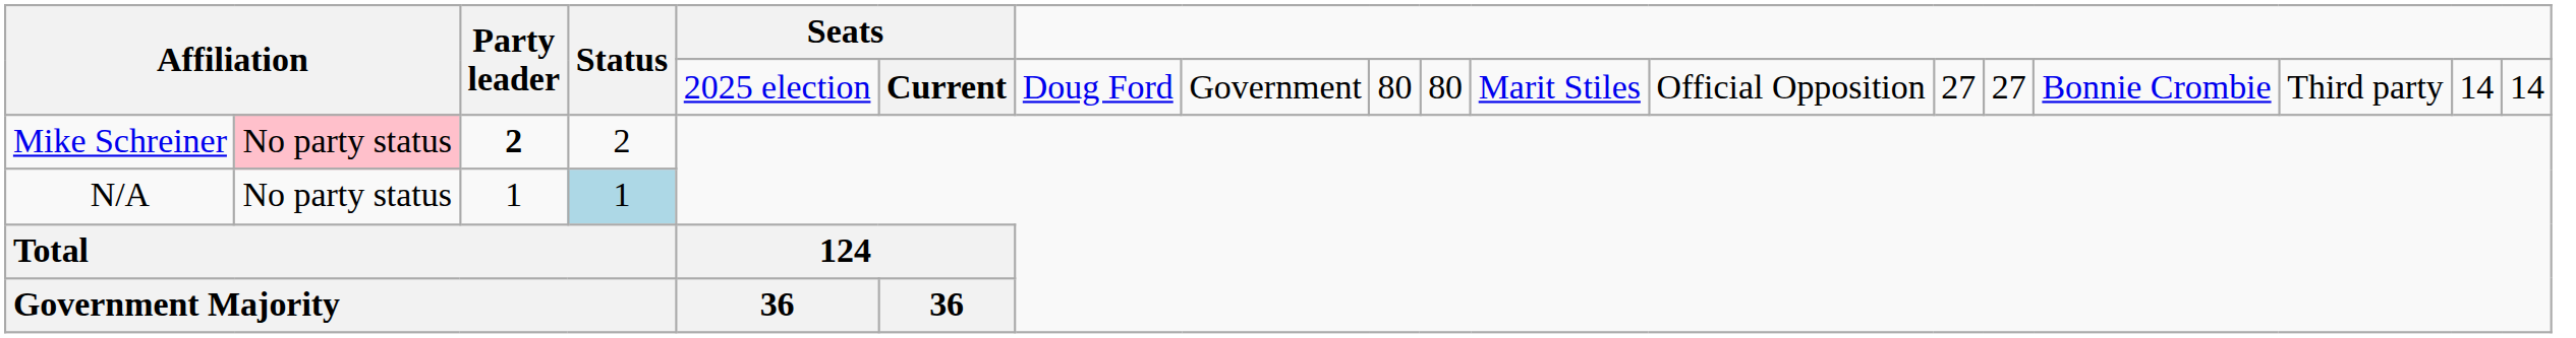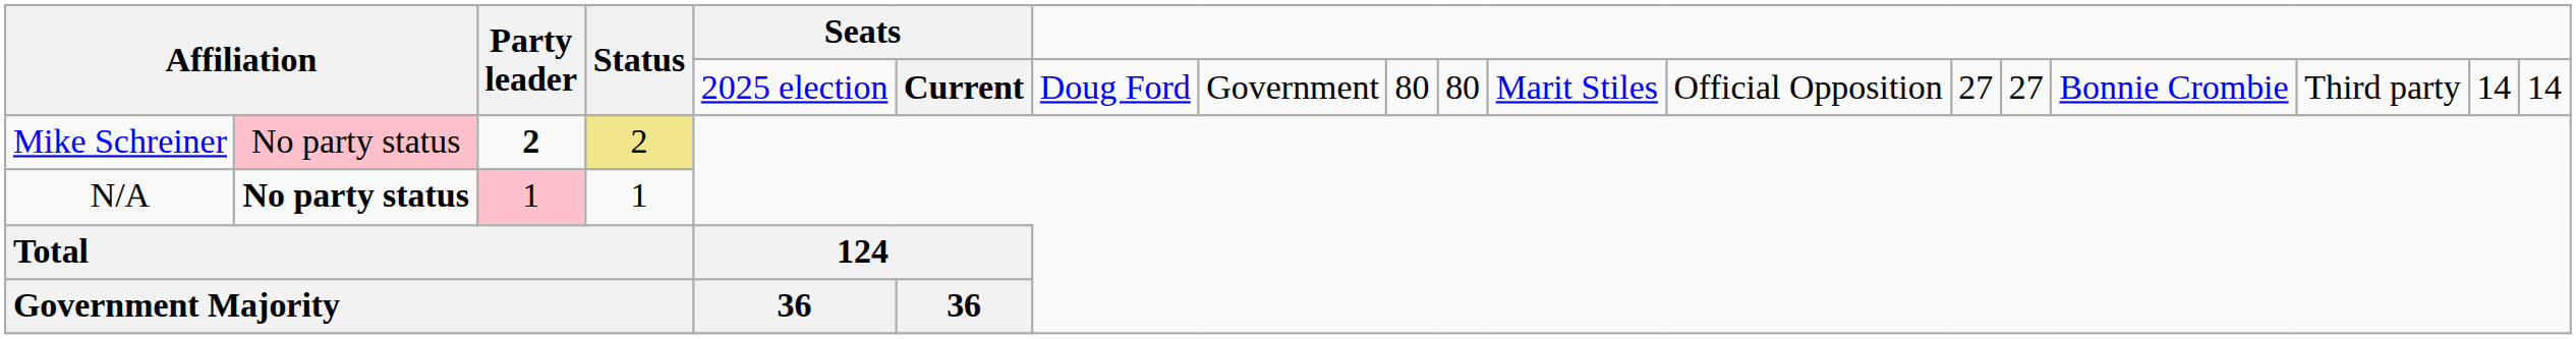 <table class="wikitable" style="text-align:center;">
 <tr>
 <th rowspan=2 colspan=2>Affiliation</th>
 <th rowspan=2>Party<br>leader</th>
 <th rowspan=2>Status</th>
 <th colspan=2>Seats</th>
 </tr>
 <tr>
 <td><a href='#'>2025 election</a></td>
 <th>Current<br></th>
 <td><a href='#'>Doug Ford</a></td>
 <td>Government</td>
 <td>80</td>
 <td>80<br></td>
 <td><a href='#'>Marit Stiles</a></td>
 <td>Official Opposition</td>
 <td>27</td>
 <td>27<br></td>
 <td><a href='#'>Bonnie Crombie</a></td>
 <td>Third party</td>
 <td>14</td>
 <td>14</td>
 </tr>
 <tr>
 <td><a href='#'>Mike Schreiner</a></td>
 <td style="background: pink;">No party status</td>
 <td><strong>2</strong></td>
-<td>2</td>
+<td style="background: khaki;">2</td>
 </tr>
 <tr>
 <td>N/A</td>
-<td>No party status</td>
+<td><strong>No party status</strong></td>
+<td style="background: pink;">1</td>
 <td>1</td>
-<td style="background: lightblue;">1</td>
 </tr>
 <tr>
 <th colspan=4 style="text-align:left;">Total</th>
 <th colspan=2>124</th>
 </tr>
 <tr>
 <th colspan=4 style="text-align:left;">Government Majority</th>
 <th>36</th>
 <th>36</th>
 </tr>
 </table>
